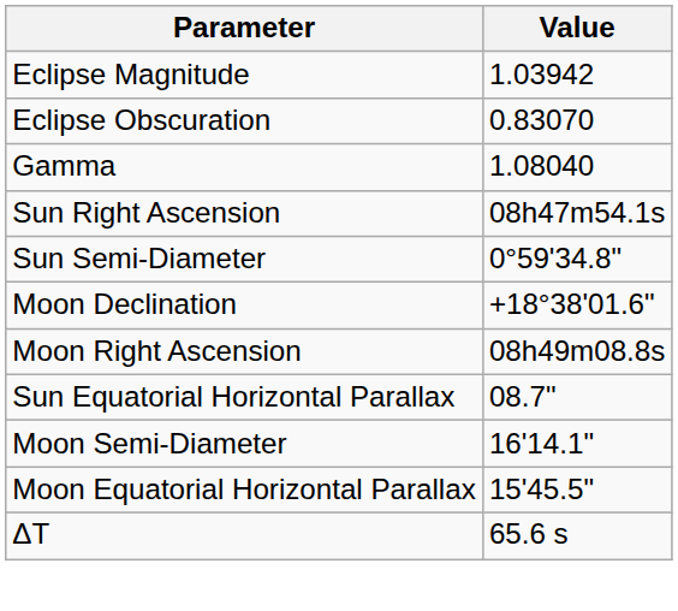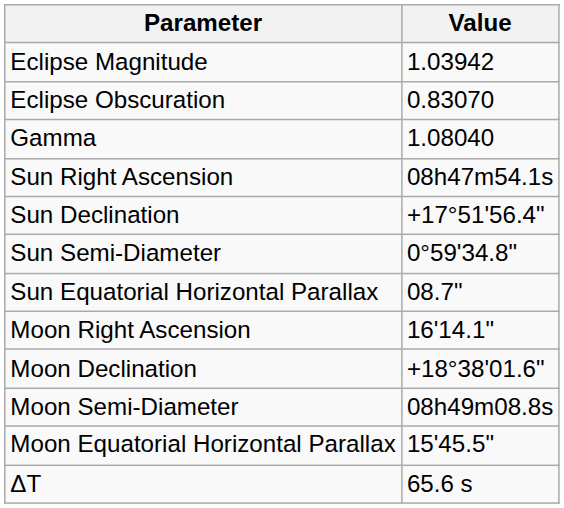 <table class="wikitable">
 <tr>
 <th>Parameter</th>
 <th>Value</th>
 </tr>
 <tr>
 <td>Eclipse Magnitude</td>
 <td>1.03942</td>
 </tr>
 <tr>
 <td>Eclipse Obscuration</td>
 <td>0.83070</td>
 </tr>
 <tr>
 <td>Gamma</td>
 <td>1.08040</td>
 </tr>
 <tr>
 <td>Sun Right Ascension</td>
 <td>08h47m54.1s</td>
 </tr>
 <tr>
+<td>Sun Declination</td>
+<td>+17°51'56.4"</td>
+</tr>
+<tr>
 <td>Sun Semi-Diameter</td>
 <td>0°59'34.8"</td>
+</tr>
+<tr>
+<td>Sun Equatorial Horizontal Parallax</td>
+<td>08.7"</td>
+</tr>
+<tr>
+<td>Moon Right Ascension</td>
+<td>16'14.1"</td>
 </tr>
 <tr>
 <td>Moon Declination</td>
 <td>+18°38'01.6"</td>
 </tr>
 <tr>
-<td>Moon Right Ascension</td>
+<td>Moon Semi-Diameter</td>
 <td>08h49m08.8s</td>
-</tr>
-<tr>
-<td>Sun Equatorial Horizontal Parallax</td>
-<td>08.7"</td>
-</tr>
-<tr>
-<td>Moon Semi-Diameter</td>
-<td>16'14.1"</td>
 </tr>
 <tr>
 <td>Moon Equatorial Horizontal Parallax</td>
 <td>15'45.5"</td>
 </tr>
 <tr>
 <td>ΔT</td>
 <td>65.6 s</td>
 </tr>
 </table>
